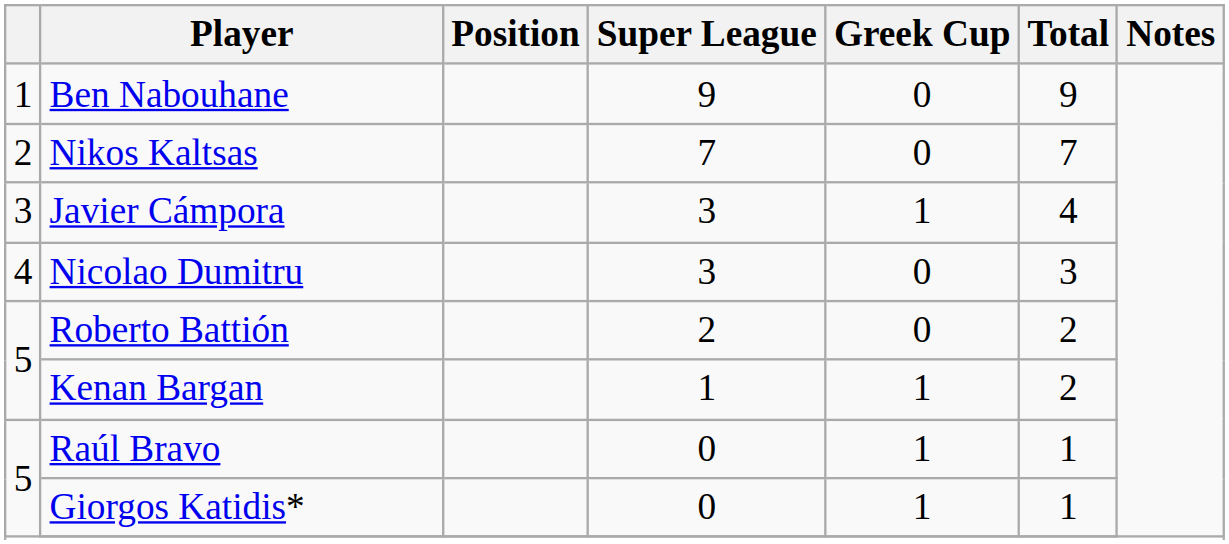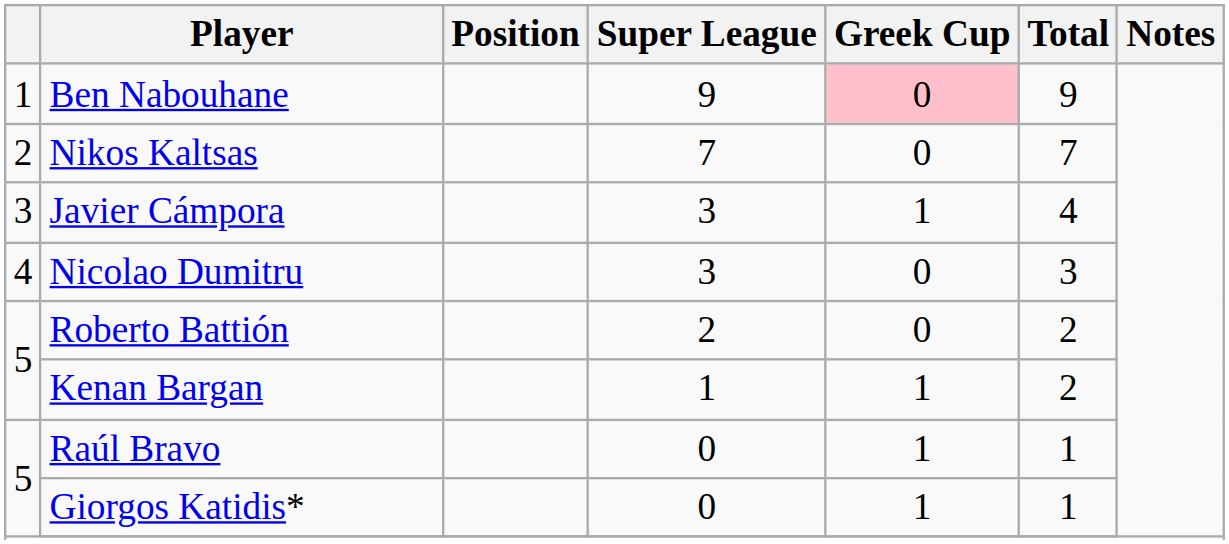 <table class="wikitable">
 <tr>
 <th></th>
 <th style="width:165px;">Player</th>
 <th>Position</th>
 <th>Super League</th>
 <th>Greek Cup</th>
 <th>Total</th>
 <th>Notes</th>
 </tr>
 <tr>
 <td rowspan="1">1</td>
 <td> <a href='#'>Ben Nabouhane</a></td>
 <td align=center></td>
 <td align=center>9</td>
-<td align=center>0</td>
+<td align=center style="background: pink;">0</td>
 <td align=center>9</td>
 </tr>
 <tr>
 <td rowspan="1">2</td>
 <td> <a href='#'>Nikos Kaltsas</a></td>
 <td align=center></td>
 <td align=center>7</td>
 <td align=center>0</td>
 <td align=center>7</td>
 </tr>
 <tr>
 <td rowspan="1">3</td>
 <td> <a href='#'>Javier Cámpora</a></td>
 <td align=center></td>
 <td align=center>3</td>
 <td align=center>1</td>
 <td align=center>4</td>
 </tr>
 <tr>
 <td>4</td>
 <td> <a href='#'>Nicolao Dumitru</a></td>
 <td align=center></td>
 <td align=center>3</td>
 <td align=center>0</td>
 <td align=center>3</td>
 </tr>
 <tr>
 <td rowspan="2">5</td>
 <td> <a href='#'>Roberto Battión</a></td>
 <td align=center></td>
 <td align=center>2</td>
 <td align=center>0</td>
 <td align=center>2</td>
 </tr>
 <tr>
 <td> <a href='#'>Kenan Bargan</a></td>
 <td align=center></td>
 <td align=center>1</td>
 <td align=center>1</td>
 <td align=center>2</td>
 </tr>
 <tr>
 <td rowspan="5">5</td>
 <td> <a href='#'>Raúl Bravo</a></td>
 <td align=center></td>
 <td align=center>0</td>
 <td align=center>1</td>
 <td align=center>1</td>
 </tr>
 <tr>
 <td> <a href='#'>Giorgos Katidis</a>*</td>
 <td align=center></td>
 <td align=center>0</td>
 <td align=center>1</td>
 <td align=center>1</td>
 </tr>
 <tr>
 </tr>
 </table>
